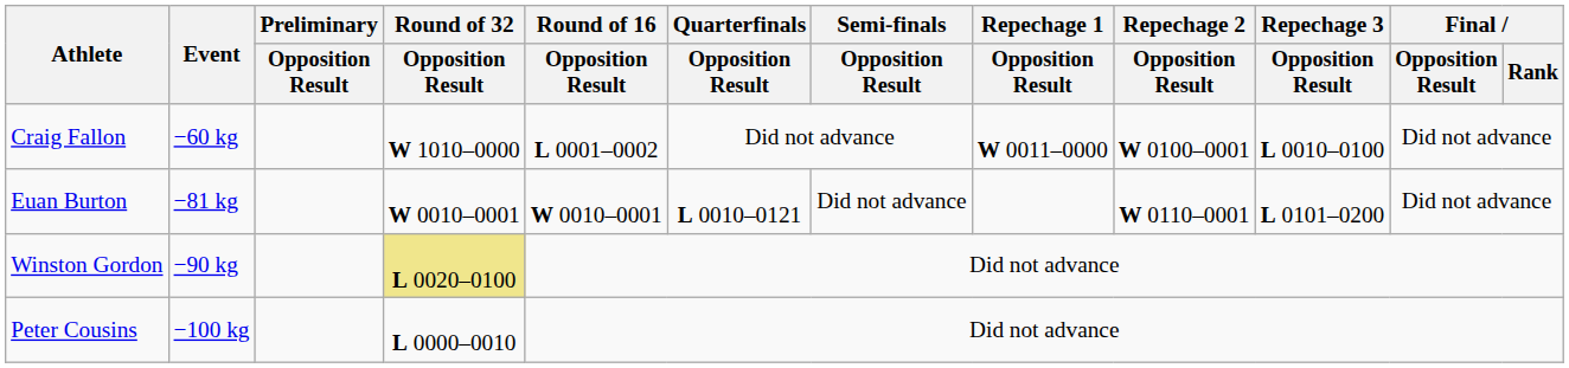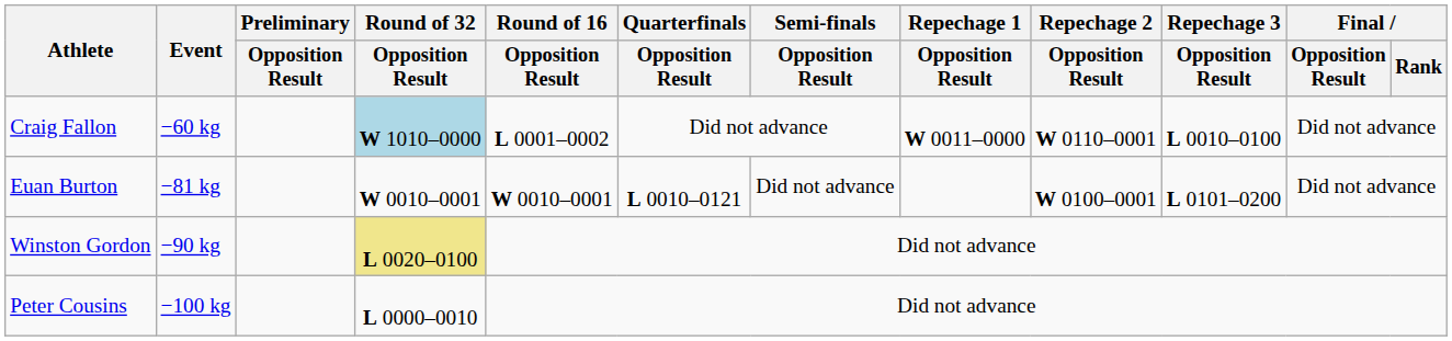 <table class="wikitable" style="font-size:90%">
 <tr>
 <th rowspan="2">Athlete</th>
 <th rowspan="2">Event</th>
 <th>Preliminary</th>
 <th>Round of 32</th>
 <th>Round of 16</th>
 <th>Quarterfinals</th>
 <th>Semi-finals</th>
 <th>Repechage 1</th>
 <th>Repechage 2</th>
 <th>Repechage 3</th>
 <th colspan=2>Final / </th>
 </tr>
 <tr style="font-size:95%">
 <th>Opposition<br>Result</th>
 <th>Opposition<br>Result</th>
 <th>Opposition<br>Result</th>
 <th>Opposition<br>Result</th>
 <th>Opposition<br>Result</th>
 <th>Opposition<br>Result</th>
 <th>Opposition<br>Result</th>
 <th>Opposition<br>Result</th>
 <th>Opposition<br>Result</th>
 <th>Rank</th>
 </tr>
 <tr align=center>
 <td align=left><a href='#'>Craig Fallon</a></td>
 <td align=left><a href='#'>−60 kg</a></td>
 <td></td>
-<td><br><strong>W</strong> 1010–0000</td>
+<td style="background: lightblue;"><br><strong>W</strong> 1010–0000</td>
 <td><br><strong>L</strong> 0001–0002</td>
 <td colspan=2>Did not advance</td>
 <td><br><strong>W</strong> 0011–0000</td>
-<td><br><strong>W</strong> 0100–0001</td>
+<td><br><strong>W</strong> 0110–0001</td>
 <td><br><strong>L</strong> 0010–0100</td>
 <td colspan=2>Did not advance</td>
 </tr>
 <tr align=center>
 <td align=left><a href='#'>Euan Burton</a></td>
 <td align=left><a href='#'>−81 kg</a></td>
 <td></td>
 <td><br><strong>W</strong> 0010–0001</td>
 <td><br><strong>W</strong> 0010–0001</td>
 <td><br><strong>L</strong> 0010–0121</td>
 <td>Did not advance</td>
 <td></td>
-<td><br><strong>W</strong> 0110–0001</td>
+<td><br><strong>W</strong> 0100–0001</td>
 <td><br><strong>L</strong> 0101–0200</td>
 <td colspan=2>Did not advance</td>
 </tr>
 <tr align=center>
 <td align=left><a href='#'>Winston Gordon</a></td>
 <td align=left><a href='#'>−90 kg</a></td>
 <td></td>
 <td style="background: khaki;"><br><strong>L</strong> 0020–0100</td>
 <td colspan=8>Did not advance</td>
 </tr>
 <tr align=center>
 <td align=left><a href='#'>Peter Cousins</a></td>
 <td align=left><a href='#'>−100 kg</a></td>
 <td></td>
 <td><br><strong>L</strong> 0000–0010</td>
 <td colspan=8>Did not advance</td>
 </tr>
 </table>
